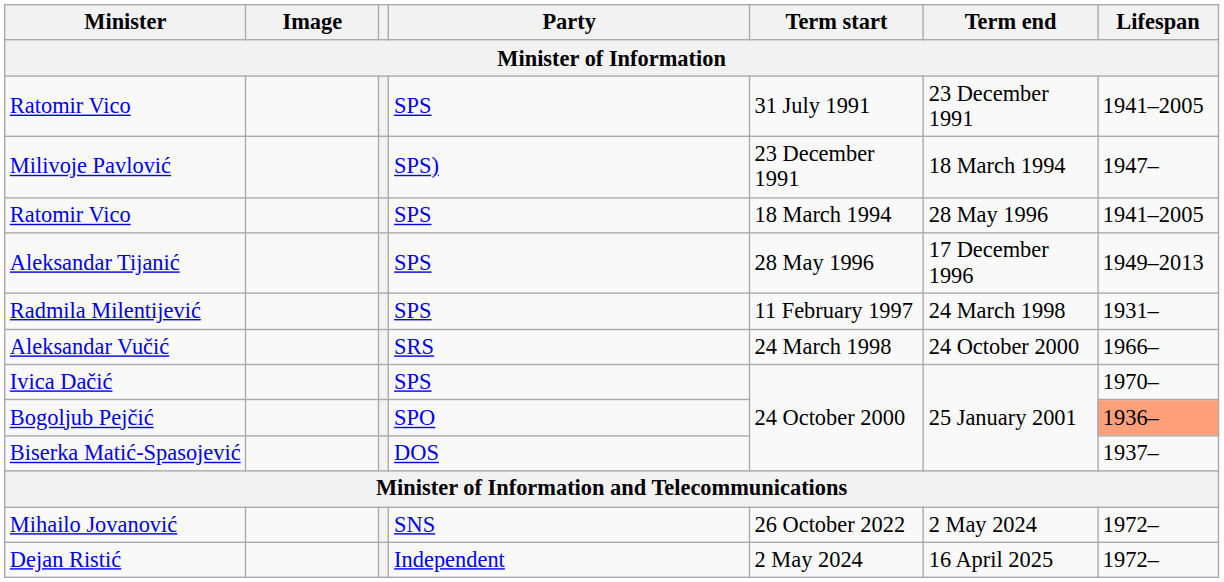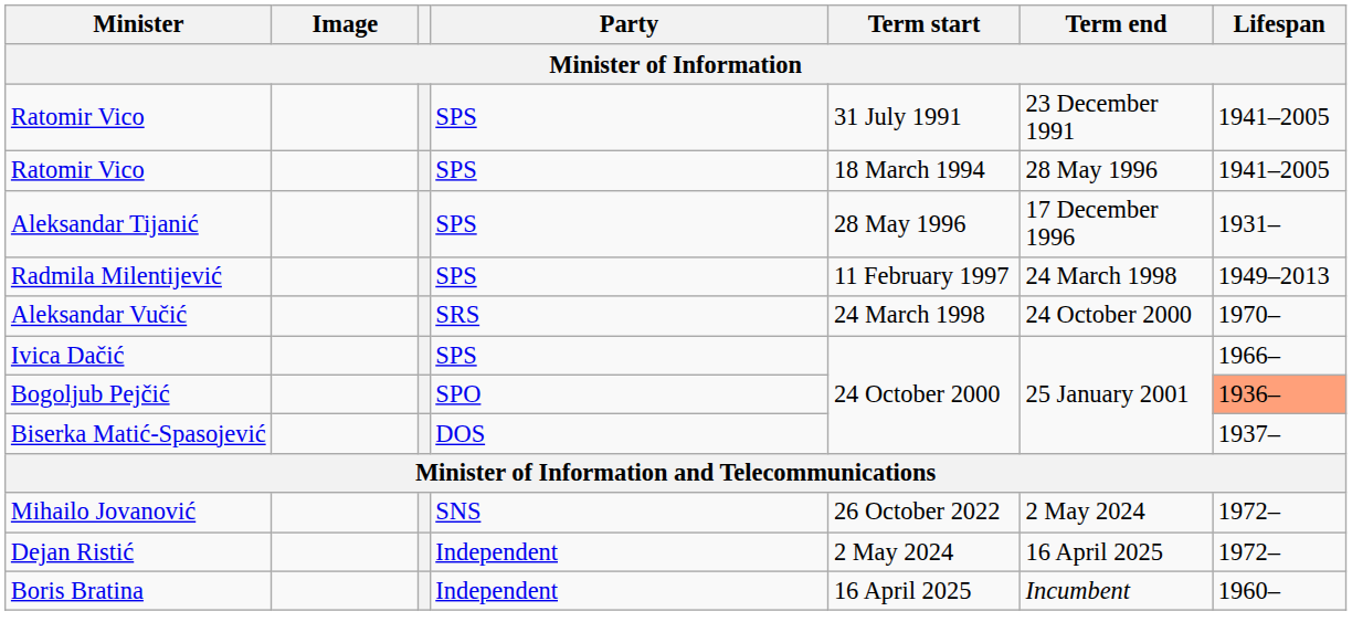 <table class="wikitable" style="text-align: left;">
 <tr>
 <th width="170">Minister</th>
 <th width="90">Image</th>
 <th></th>
 <th width="260">Party</th>
 <th width="120">Term start</th>
 <th width="120">Term end</th>
 <th width="80">Lifespan</th>
 </tr>
 <tr>
 <th colspan="7">Minister of Information</th>
 </tr>
 <tr>
 <td><a href='#'>Ratomir Vico</a></td>
 <td></td>
 <th style="background:"></th>
 <td><a href='#'>SPS</a></td>
 <td>31 July 1991</td>
 <td>23 December 1991</td>
 <td>1941–2005</td>
 </tr>
 <tr>
-<td><a href='#'>Milivoje Pavlović</a></td>
-<td></td>
-<th style="background:"></th>
-<td><a href='#'>SPS)</a></td>
-<td>23 December 1991</td>
-<td>18 March 1994</td>
-<td>1947–</td>
-</tr>
-<tr>
 <td><a href='#'>Ratomir Vico</a></td>
 <td></td>
 <th style="background:"></th>
 <td><a href='#'>SPS</a></td>
 <td>18 March 1994</td>
 <td>28 May 1996</td>
 <td>1941–2005</td>
 </tr>
 <tr>
 <td><a href='#'>Aleksandar Tijanić</a></td>
 <td></td>
 <th style="background:"></th>
 <td><a href='#'>SPS</a></td>
 <td>28 May 1996</td>
 <td>17 December 1996</td>
-<td>1949–2013</td>
+<td>1931–</td>
 </tr>
 <tr>
 <td><a href='#'>Radmila Milentijević</a></td>
 <td></td>
 <th style="background:"></th>
 <td><a href='#'>SPS</a></td>
 <td>11 February 1997</td>
 <td>24 March 1998</td>
-<td>1931–</td>
+<td>1949–2013</td>
 </tr>
 <tr>
 <td><a href='#'>Aleksandar Vučić</a></td>
 <td></td>
 <th style="background:"></th>
 <td><a href='#'>SRS</a></td>
 <td>24 March 1998</td>
 <td>24 October 2000</td>
-<td>1966–</td>
+<td>1970–</td>
 </tr>
 <tr>
 <td><a href='#'>Ivica Dačić</a><br></td>
 <td></td>
 <th style="background:"></th>
 <td><a href='#'>SPS</a></td>
 <td rowspan="3">24 October 2000</td>
 <td rowspan="3">25 January 2001</td>
-<td>1970–</td>
+<td>1966–</td>
 </tr>
 <tr>
 <td><a href='#'>Bogoljub Pejčić</a><br></td>
 <td></td>
 <th style="background:"></th>
 <td><a href='#'>SPO</a></td>
 <td style="background: lightsalmon;">1936–</td>
 </tr>
 <tr>
 <td><a href='#'>Biserka Matić-Spasojević</a><br></td>
 <td></td>
 <th style="background:"></th>
 <td><a href='#'>DOS</a></td>
 <td>1937–</td>
 </tr>
 <tr>
 <th colspan="7">Minister of Information and Telecommunications</th>
 </tr>
 <tr>
 <td><a href='#'>Mihailo Jovanović</a></td>
 <td></td>
 <th style="background:"></th>
 <td><a href='#'>SNS</a></td>
 <td>26 October 2022</td>
 <td>2 May 2024</td>
 <td>1972–</td>
 </tr>
 <tr>
 <td><a href='#'>Dejan Ristić</a></td>
 <td></td>
 <th style="background:"></th>
 <td><a href='#'>Independent</a></td>
 <td>2 May 2024</td>
 <td>16 April 2025</td>
 <td>1972–</td>
 </tr>
+<tr>
+<td><a href='#'>Boris Bratina</a></td>
+<td></td>
+<th style="background:"></th>
+<td><a href='#'>Independent</a></td>
+<td>16 April 2025</td>
+<td><em>Incumbent</em></td>
+<td>1960–</td>
+</tr>
 </table>
